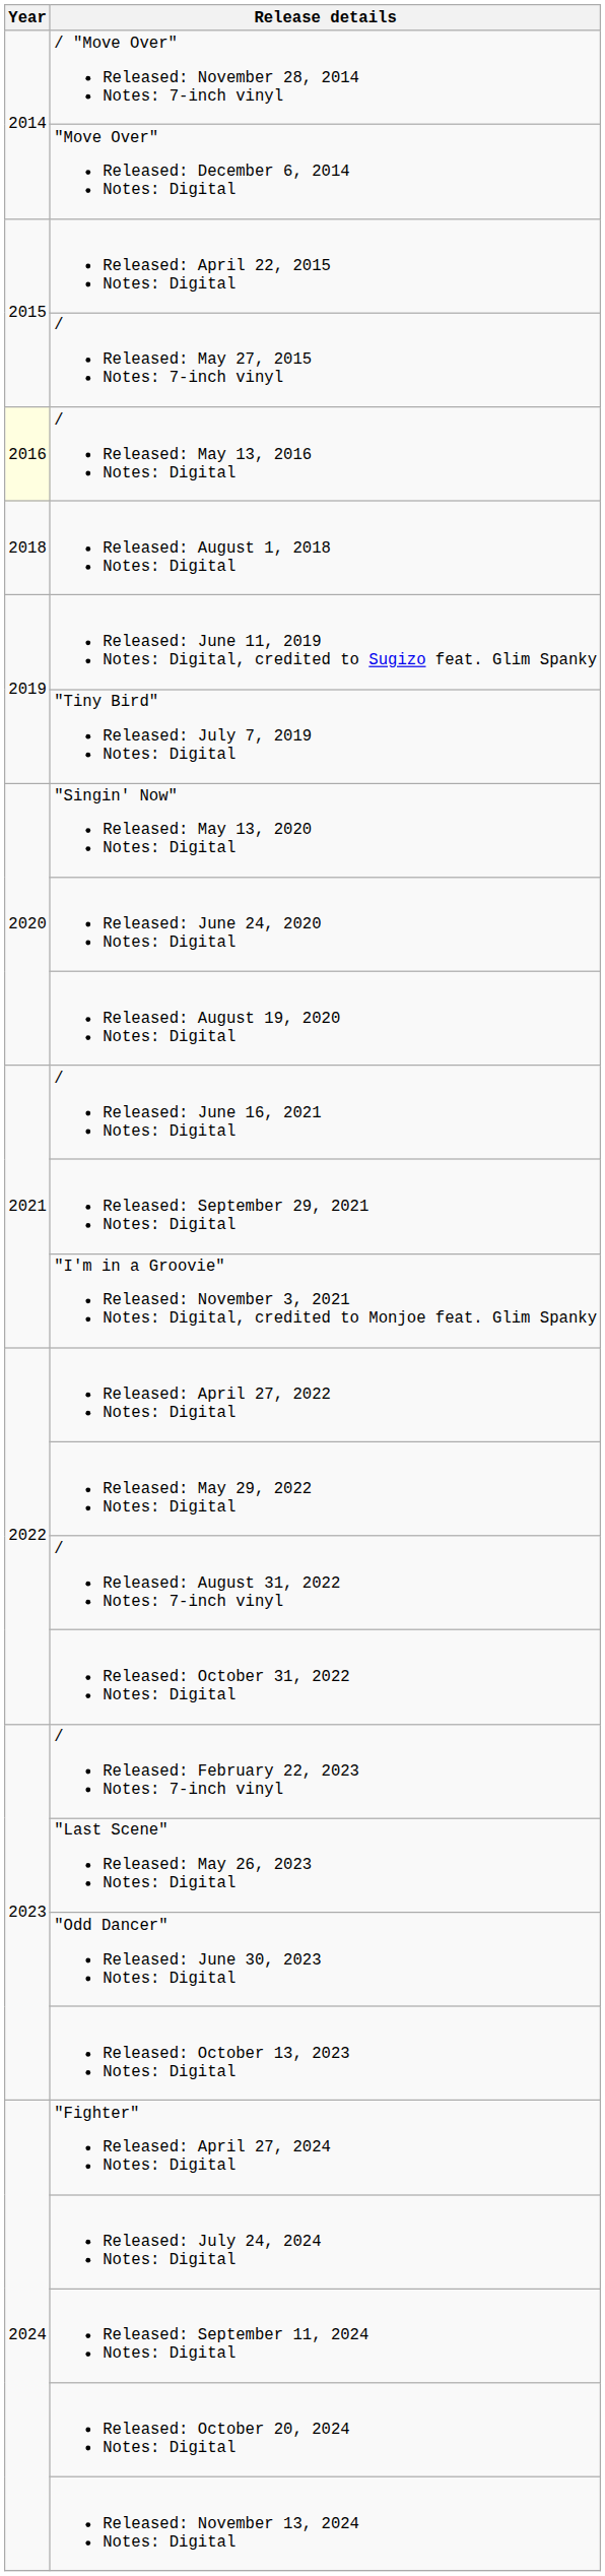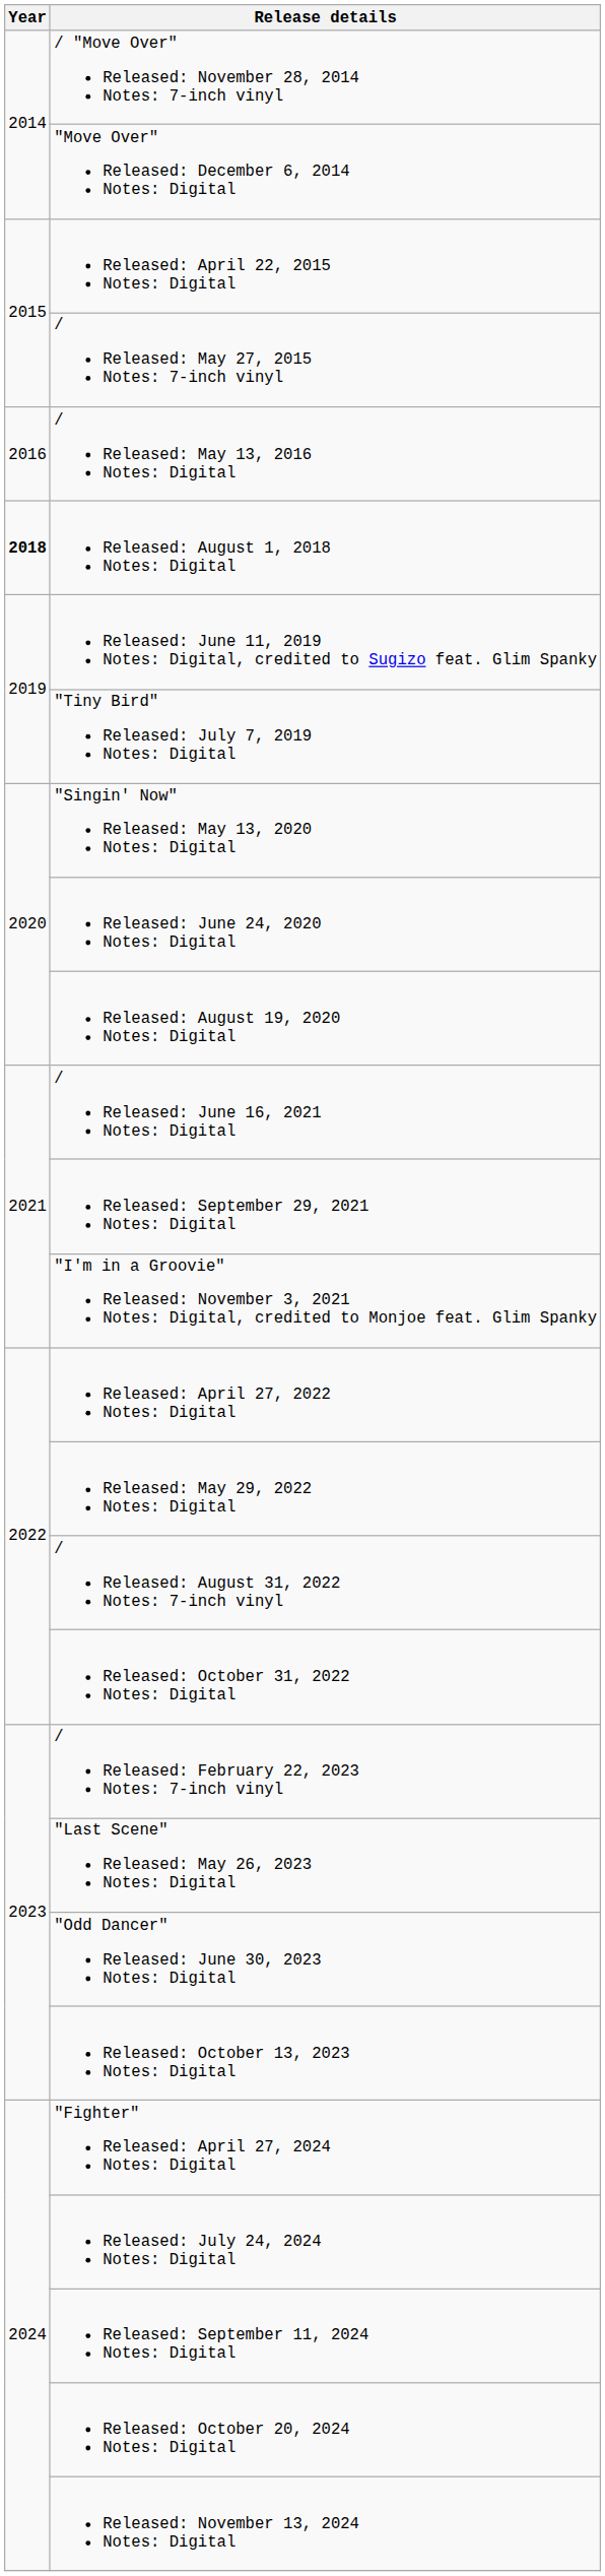 <table class="wikitable">
 <tr>
 <th>Year</th>
 <th>Release details</th>
 </tr>
 <tr>
 <td rowspan="2">2014</td>
 <td> / "Move Over"<br><ul><li>Released: November 28, 2014</li><li>Notes: 7-inch vinyl</li></ul></td>
 </tr>
 <tr>
 <td>"Move Over"<br><ul><li>Released: December 6, 2014</li><li>Notes: Digital</li></ul></td>
 </tr>
 <tr>
 <td rowspan="2">2015</td>
 <td><br><ul><li>Released: April 22, 2015</li><li>Notes: Digital</li></ul></td>
 </tr>
 <tr>
 <td> / <br><ul><li>Released: May 27, 2015</li><li>Notes: 7-inch vinyl</li></ul></td>
 </tr>
 <tr>
-<td style="background: lightyellow;">2016</td>
+<td>2016</td>
 <td> / <br><ul><li>Released: May 13, 2016</li><li>Notes: Digital</li></ul></td>
 </tr>
 <tr>
-<td>2018</td>
+<td><strong>2018</strong></td>
 <td><br><ul><li>Released: August 1, 2018</li><li>Notes: Digital</li></ul></td>
 </tr>
 <tr>
 <td rowspan="2">2019</td>
 <td><br><ul><li>Released: June 11, 2019</li><li>Notes: Digital, credited to <a href='#'>Sugizo</a> feat. Glim Spanky</li></ul></td>
 </tr>
 <tr>
 <td>"Tiny Bird"<br><ul><li>Released: July 7, 2019</li><li>Notes: Digital</li></ul></td>
 </tr>
 <tr>
 <td rowspan="3">2020</td>
 <td>"Singin' Now"<br><ul><li>Released: May 13, 2020</li><li>Notes: Digital</li></ul></td>
 </tr>
 <tr>
 <td><br><ul><li>Released: June 24, 2020</li><li>Notes: Digital</li></ul></td>
 </tr>
 <tr>
 <td><br><ul><li>Released: August 19, 2020</li><li>Notes: Digital</li></ul></td>
 </tr>
 <tr>
 <td rowspan="3">2021</td>
 <td> / <br><ul><li>Released: June 16, 2021</li><li>Notes: Digital</li></ul></td>
 </tr>
 <tr>
 <td><br><ul><li>Released: September 29, 2021</li><li>Notes: Digital</li></ul></td>
 </tr>
 <tr>
 <td>"I'm in a Groovie"<br><ul><li>Released: November 3, 2021</li><li>Notes: Digital, credited to Monjoe feat. Glim Spanky</li></ul></td>
 </tr>
 <tr>
 <td rowspan="4">2022</td>
 <td><br><ul><li>Released: April 27, 2022</li><li>Notes: Digital</li></ul></td>
 </tr>
 <tr>
 <td><br><ul><li>Released: May 29, 2022</li><li>Notes: Digital</li></ul></td>
 </tr>
 <tr>
 <td> / <br><ul><li>Released: August 31, 2022</li><li>Notes: 7-inch vinyl</li></ul></td>
 </tr>
 <tr>
 <td><br><ul><li>Released: October 31, 2022</li><li>Notes: Digital</li></ul></td>
 </tr>
 <tr>
 <td rowspan="4">2023</td>
 <td> / <br><ul><li>Released: February 22, 2023</li><li>Notes: 7-inch vinyl</li></ul></td>
 </tr>
 <tr>
 <td>"Last Scene"<br><ul><li>Released: May 26, 2023</li><li>Notes: Digital</li></ul></td>
 </tr>
 <tr>
 <td>"Odd Dancer"<br><ul><li>Released: June 30, 2023</li><li>Notes: Digital</li></ul></td>
 </tr>
 <tr>
 <td><br><ul><li>Released: October 13, 2023</li><li>Notes: Digital</li></ul></td>
 </tr>
 <tr>
 <td rowspan="5">2024</td>
 <td>"Fighter"<br><ul><li>Released: April 27, 2024</li><li>Notes: Digital</li></ul></td>
 </tr>
 <tr>
 <td><br><ul><li>Released: July 24, 2024</li><li>Notes: Digital</li></ul></td>
 </tr>
 <tr>
 <td><br><ul><li>Released: September 11, 2024</li><li>Notes: Digital</li></ul></td>
 </tr>
 <tr>
 <td><br><ul><li>Released: October 20, 2024</li><li>Notes: Digital</li></ul></td>
 </tr>
 <tr>
 <td><br><ul><li>Released: November 13, 2024</li><li>Notes: Digital</li></ul></td>
 </tr>
 <tr>
 </tr>
 </table>
